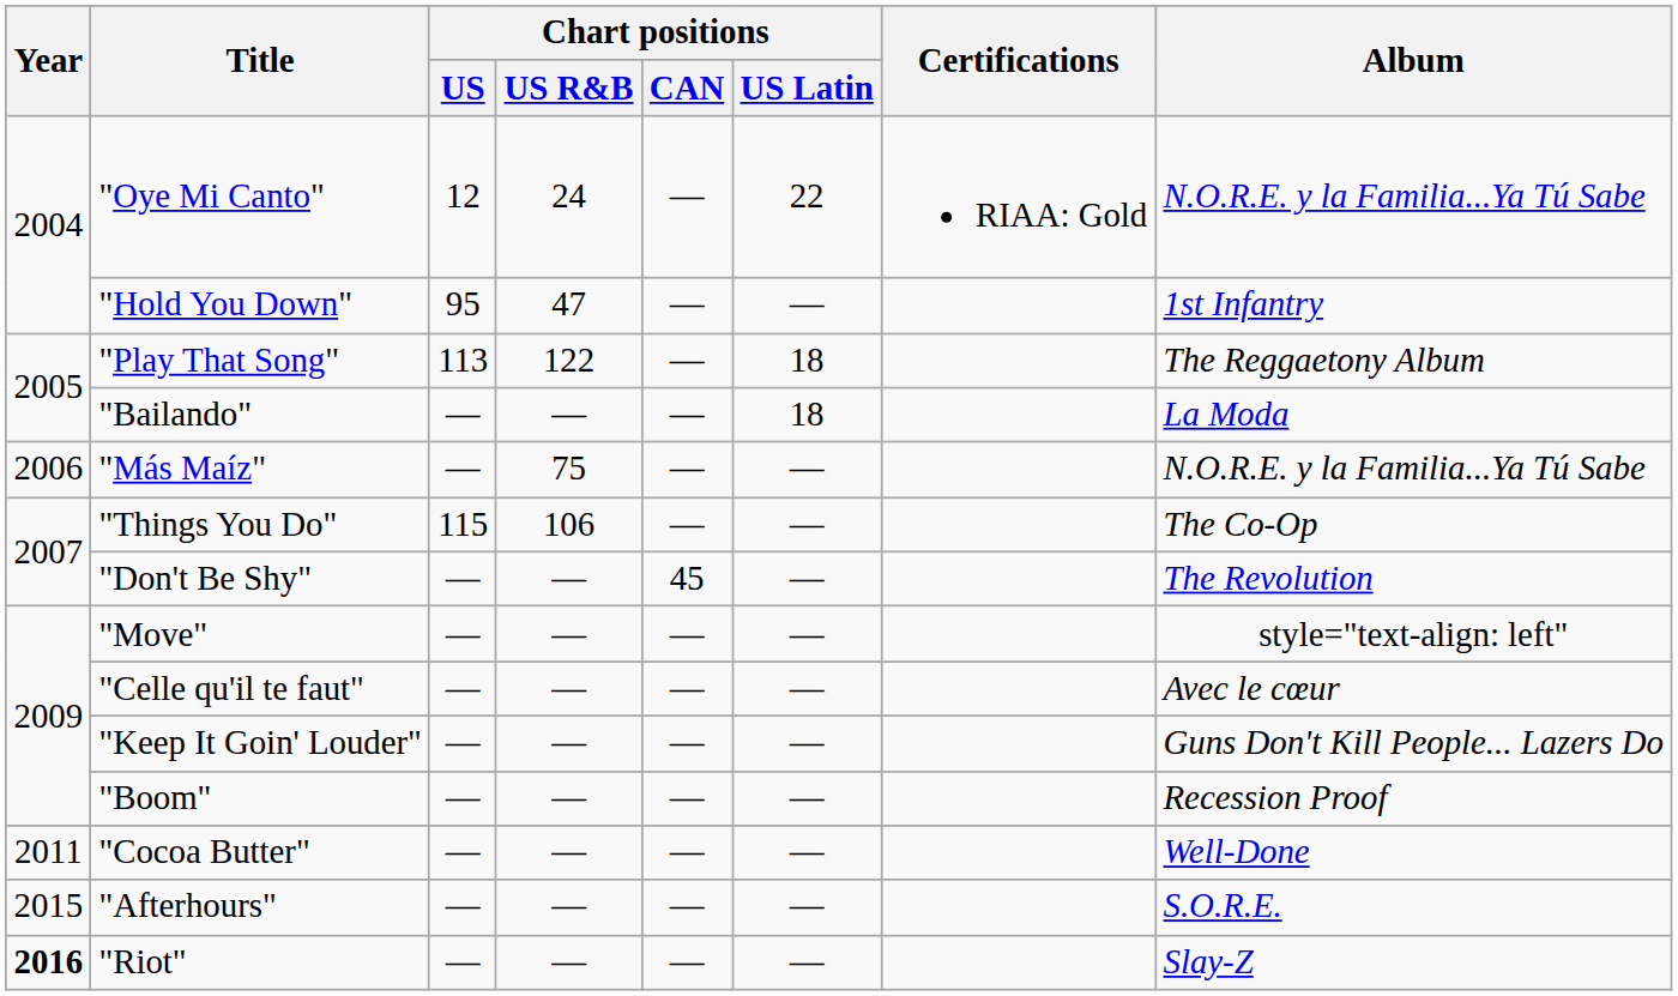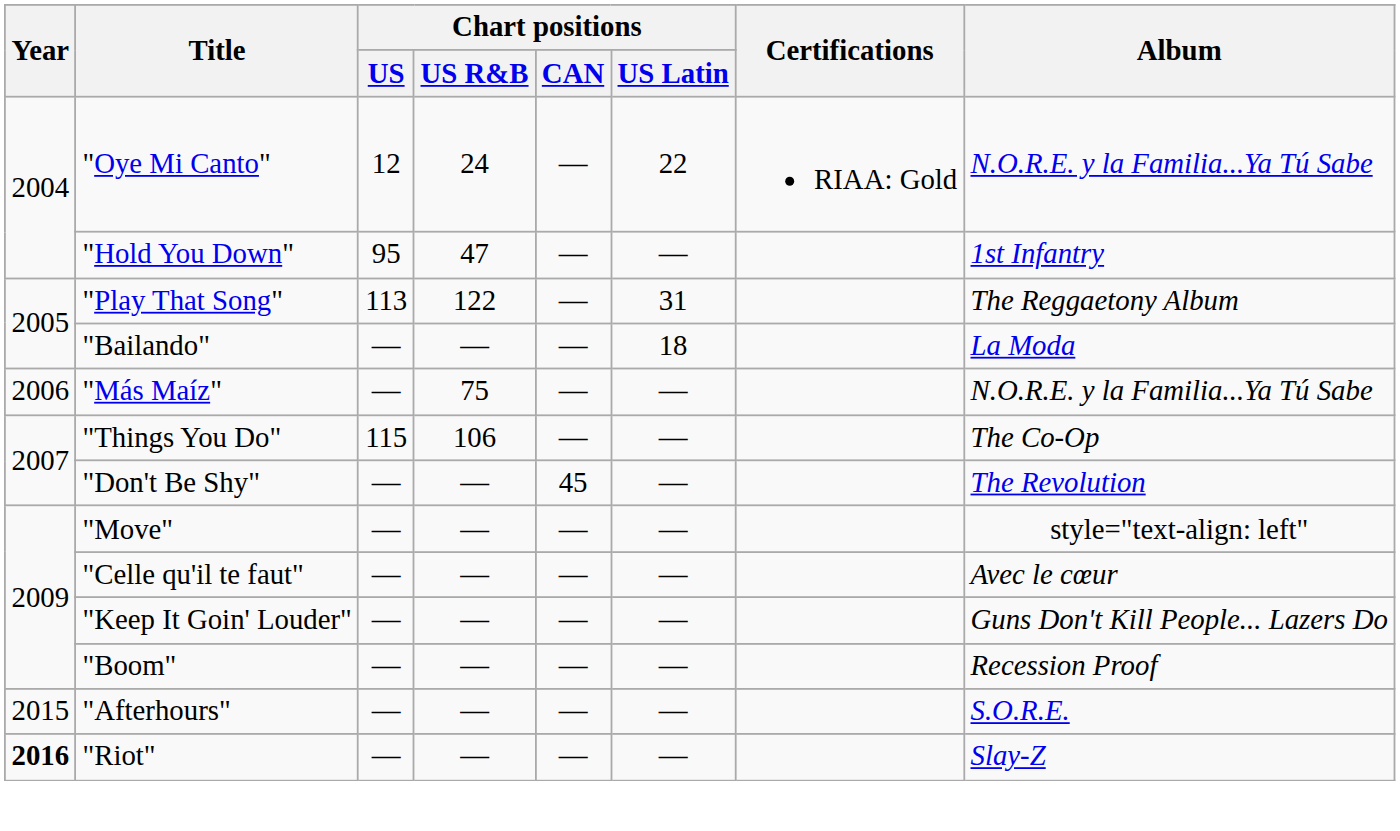 <table class="wikitable plainrowheaders" style="text-align:center;">
 <tr>
 <th rowspan="2">Year</th>
 <th rowspan="2">Title</th>
 <th colspan="4">Chart positions</th>
 <th rowspan="2">Certifications</th>
 <th rowspan="2">Album</th>
 </tr>
 <tr>
 <th><a href='#'>US</a><br></th>
 <th><a href='#'>US R&B</a><br></th>
 <th><a href='#'>CAN</a><br></th>
 <th><a href='#'>US Latin</a><br></th>
 </tr>
 <tr>
 <td rowspan="2">2004</td>
 <td style="text-align: left">"<a href='#'>Oye Mi Canto</a>"<br></td>
 <td>12</td>
 <td>24</td>
 <td>—</td>
 <td>22</td>
 <td><br><ul><li>RIAA: Gold</li></ul></td>
 <td style="text-align: left"><em><a href='#'>N.O.R.E. y la Familia...Ya Tú Sabe</a></em></td>
 </tr>
 <tr>
 <td style="text-align: left">"<a href='#'>Hold You Down</a>"<br></td>
 <td>95</td>
 <td>47</td>
 <td>—</td>
 <td>—</td>
 <td></td>
 <td style="text-align: left"><em><a href='#'>1st Infantry</a></em></td>
 </tr>
 <tr>
 <td rowspan="2">2005</td>
 <td style="text-align: left">"<a href='#'>Play That Song</a>"<br></td>
 <td>113</td>
 <td>122</td>
 <td>—</td>
-<td>18</td>
+<td>31</td>
 <td></td>
 <td style="text-align: left"><em>The Reggaetony Album</em></td>
 </tr>
 <tr>
 <td style="text-align: left">"Bailando"<br></td>
 <td>—</td>
 <td>—</td>
 <td>—</td>
 <td>18</td>
 <td></td>
 <td style="text-align: left"><em><a href='#'>La Moda</a></em></td>
 </tr>
 <tr>
 <td>2006</td>
 <td style="text-align: left">"<a href='#'>Más Maíz</a>"<br></td>
 <td>—</td>
 <td>75</td>
 <td>—</td>
 <td>—</td>
 <td></td>
 <td style="text-align: left"><em>N.O.R.E. y la Familia...Ya Tú Sabe</em></td>
 </tr>
 <tr>
 <td rowspan="2">2007</td>
 <td style="text-align: left">"Things You Do"<br></td>
 <td>115</td>
 <td>106</td>
 <td>—</td>
 <td>—</td>
 <td></td>
 <td style="text-align: left"><em>The Co-Op</em></td>
 </tr>
 <tr>
 <td style="text-align: left">"Don't Be Shy"<br></td>
 <td>—</td>
 <td>—</td>
 <td>45</td>
 <td>—</td>
 <td></td>
 <td style="text-align: left"><em><a href='#'>The Revolution</a></em></td>
 </tr>
 <tr>
 <td rowspan="4">2009</td>
 <td style="text-align: left">"Move"<br></td>
 <td>—</td>
 <td>—</td>
 <td>—</td>
 <td>—</td>
 <td></td>
 <td>style="text-align: left" </td>
 </tr>
 <tr>
 <td style="text-align: left">"Celle qu'il te faut"<br></td>
 <td>—</td>
 <td>—</td>
 <td>—</td>
 <td>—</td>
 <td></td>
 <td style="text-align: left"><em>Avec le cœur</em></td>
 </tr>
 <tr>
 <td style="text-align: left">"Keep It Goin' Louder"<br></td>
 <td>—</td>
 <td>—</td>
 <td>—</td>
 <td>—</td>
 <td></td>
 <td style="text-align: left"><em>Guns Don't Kill People... Lazers Do</em></td>
 </tr>
 <tr>
 <td style="text-align: left">"Boom"<br></td>
 <td>—</td>
 <td>—</td>
 <td>—</td>
 <td>—</td>
 <td></td>
 <td style="text-align: left"><em>Recession Proof</em></td>
 </tr>
 <tr>
-<td>2011</td>
-<td style="text-align: left">"Cocoa Butter"<br></td>
-<td>—</td>
-<td>—</td>
-<td>—</td>
-<td>—</td>
-<td></td>
-<td style="text-align: left"><em><a href='#'>Well-Done</a></em></td>
-</tr>
-<tr>
 <td>2015</td>
 <td style="text-align: left">"Afterhours"<br></td>
 <td>—</td>
 <td>—</td>
 <td>—</td>
 <td>—</td>
 <td></td>
 <td style="text-align: left"><em><a href='#'>S.O.R.E.</a></em></td>
 </tr>
 <tr>
 <td><strong>2016</strong></td>
 <td style="text-align: left">"Riot"<br></td>
 <td>—</td>
 <td>—</td>
 <td>—</td>
 <td>—</td>
 <td></td>
 <td style="text-align: left"><em><a href='#'>Slay-Z</a></em></td>
 </tr>
 </table>
